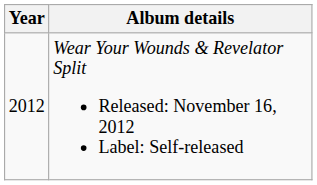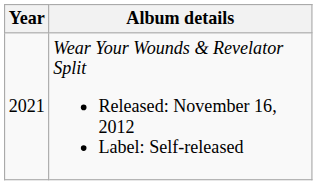 <table class="wikitable">
 <tr>
 <th>Year</th>
 <th width="225">Album details</th>
 </tr>
 <tr>
-<td>2012</td>
+<td>2021</td>
 <td><em>Wear Your Wounds & Revelator Split</em><br><ul><li>Released: November 16, 2012</li><li>Label: Self-released</li></ul></td>
 </tr>
 </table>
